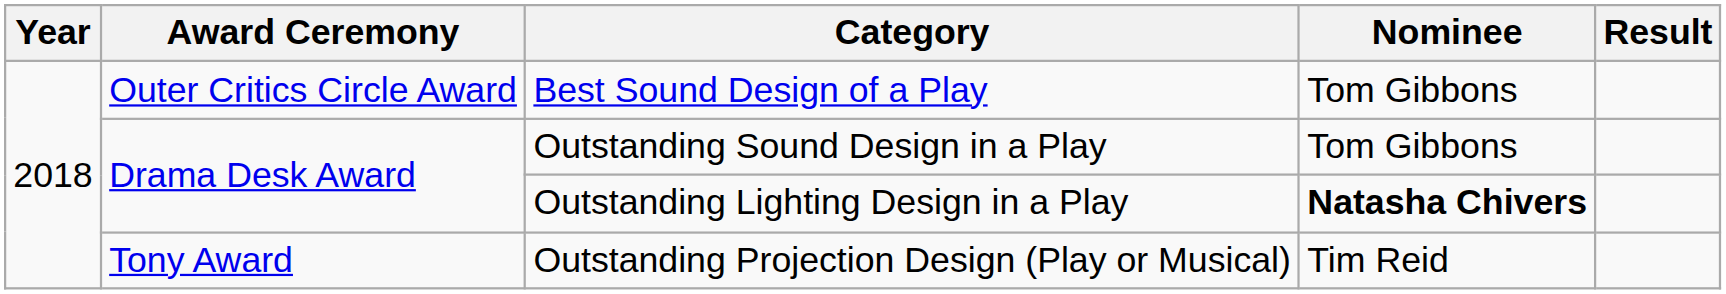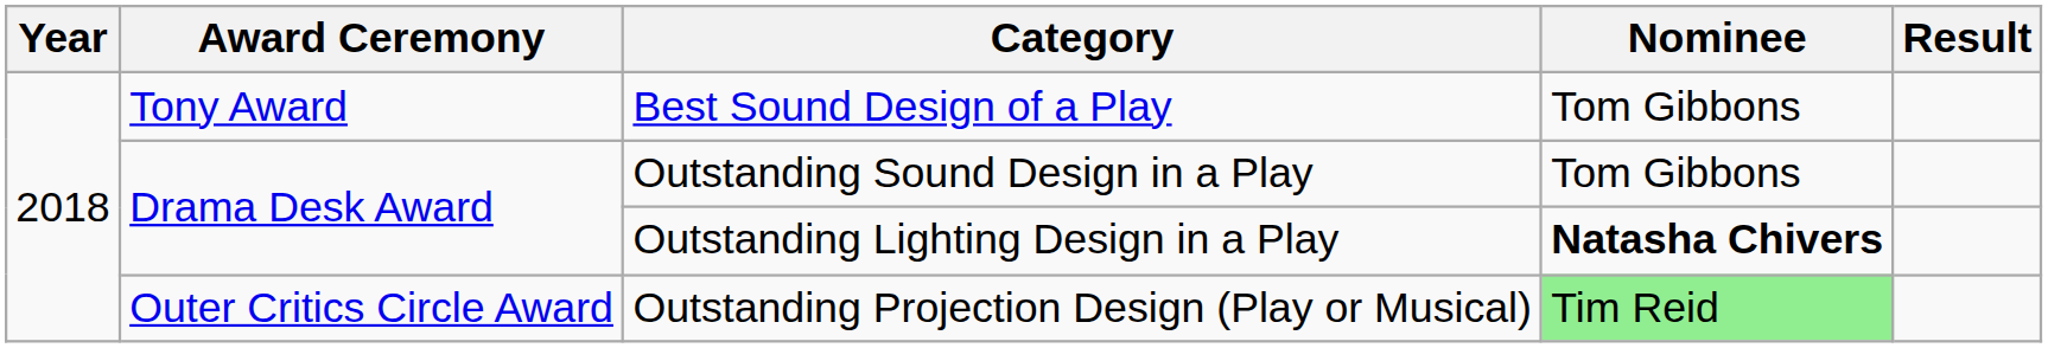 <table class="wikitable">
 <tr>
 <th>Year</th>
 <th>Award Ceremony</th>
 <th>Category</th>
 <th>Nominee</th>
 <th>Result</th>
 </tr>
 <tr>
 <td rowspan="4">2018</td>
-<td><a href='#'>Outer Critics Circle Award</a></td>
+<td><a href='#'>Tony Award</a></td>
 <td><a href='#'>Best Sound Design of a Play</a></td>
 <td>Tom Gibbons</td>
 <td></td>
 </tr>
 <tr>
 <td rowspan="2"><a href='#'>Drama Desk Award</a></td>
 <td>Outstanding Sound Design in a Play</td>
 <td>Tom Gibbons</td>
 <td></td>
 </tr>
 <tr>
 <td>Outstanding Lighting Design in a Play</td>
 <td><strong>Natasha Chivers</strong></td>
 <td></td>
 </tr>
 <tr>
-<td><a href='#'>Tony Award</a></td>
+<td><a href='#'>Outer Critics Circle Award</a></td>
 <td>Outstanding Projection Design (Play or Musical)</td>
-<td>Tim Reid</td>
+<td style="background: lightgreen;">Tim Reid</td>
 <td></td>
 </tr>
 </table>
